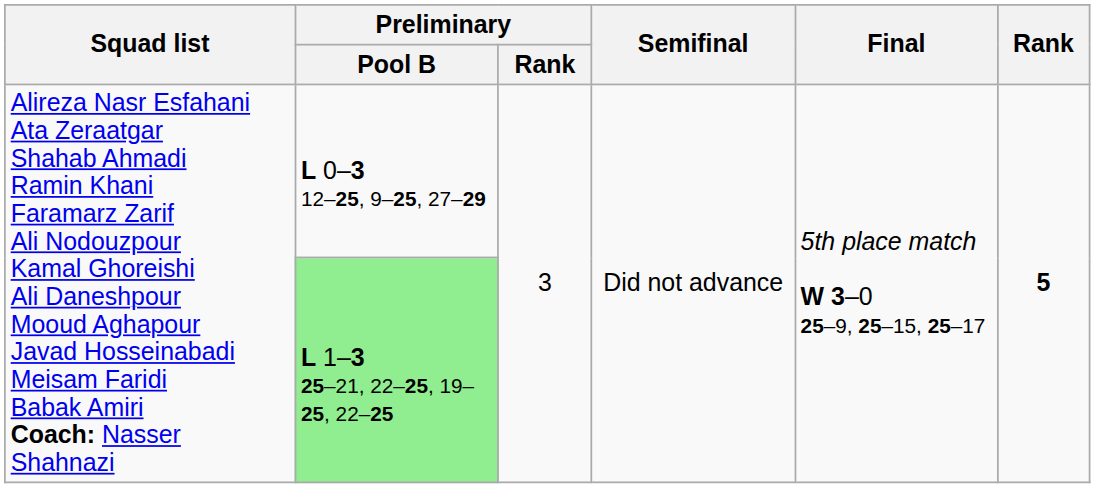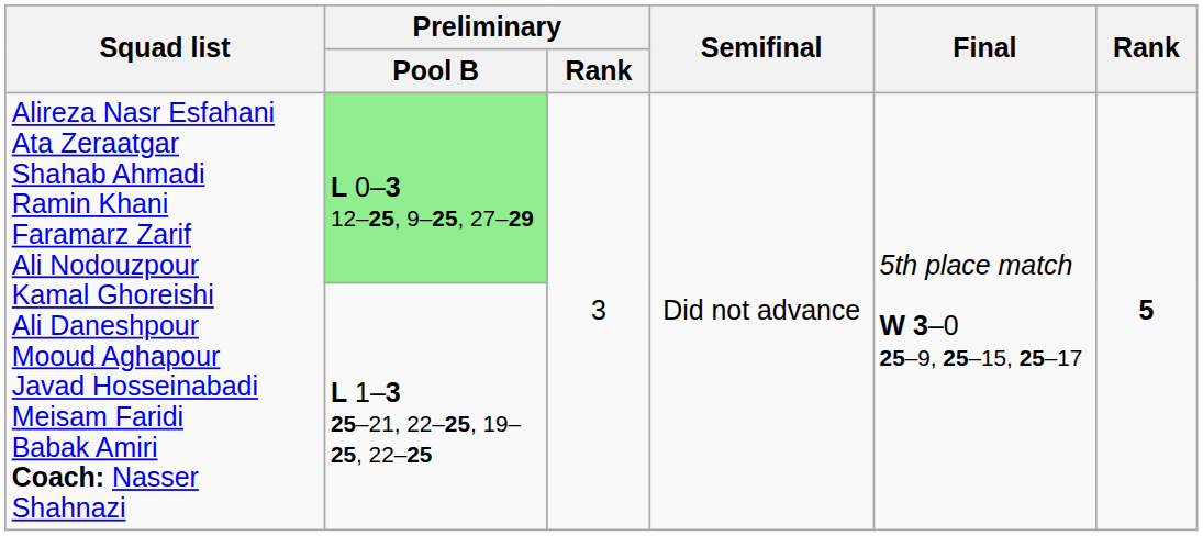 <table class="wikitable" width="71%" style="text-align:left; font-size:90%">
 <tr>
 <th rowspan="2" width="20%">Squad list</th>
 <th colspan="2">Preliminary</th>
 <th rowspan="2" width="14%">Semifinal</th>
 <th rowspan="2" width="14%">Final</th>
 <th rowspan="2" width="5%">Rank</th>
 </tr>
 <tr>
 <th width="14%">Pool B</th>
 <th width="5%">Rank</th>
 </tr>
 <tr>
 <td rowspan="2"><a href='#'>Alireza Nasr Esfahani</a><br><a href='#'>Ata Zeraatgar</a><br><a href='#'>Shahab Ahmadi</a><br><a href='#'>Ramin Khani</a><br><a href='#'>Faramarz Zarif</a><br><a href='#'>Ali Nodouzpour</a><br><a href='#'>Kamal Ghoreishi</a><br><a href='#'>Ali Daneshpour</a><br><a href='#'>Mooud Aghapour</a><br><a href='#'>Javad Hosseinabadi</a><br><a href='#'>Meisam Faridi</a><br><a href='#'>Babak Amiri</a><br><strong>Coach:</strong> <a href='#'>Nasser Shahnazi</a></td>
-<td><br><strong>L</strong> 0–<strong>3</strong><br><small>12–<strong>25</strong>, 9–<strong>25</strong>, 27–<strong>29</strong></small></td>
+<td style="background: lightgreen;"><br><strong>L</strong> 0–<strong>3</strong><br><small>12–<strong>25</strong>, 9–<strong>25</strong>, 27–<strong>29</strong></small></td>
 <td rowspan="2" align=center>3</td>
 <td rowspan="2" align=center>Did not advance</td>
 <td rowspan="2"><em>5th place match</em><br><br><strong>W</strong> <strong>3</strong>–0<br><small><strong>25</strong>–9, <strong>25</strong>–15, <strong>25</strong>–17</small></td>
 <td rowspan="2" align="center"><strong>5</strong></td>
 </tr>
 <tr>
-<td style="background: lightgreen;"><br><strong>L</strong> 1–<strong>3</strong><br><small><strong>25</strong>–21, 22–<strong>25</strong>, 19–<strong>25</strong>, 22–<strong>25</strong></small></td>
+<td><br><strong>L</strong> 1–<strong>3</strong><br><small><strong>25</strong>–21, 22–<strong>25</strong>, 19–<strong>25</strong>, 22–<strong>25</strong></small></td>
 </tr>
 </table>
